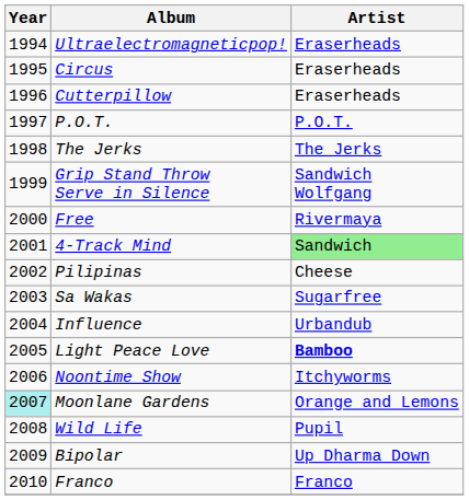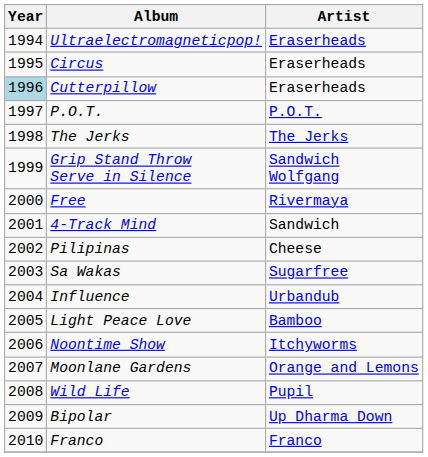 <table class="wikitable">
 <tr>
 <th>Year</th>
 <th>Album</th>
 <th>Artist</th>
 </tr>
 <tr>
 <td>1994</td>
 <td><em><a href='#'>Ultraelectromagneticpop!</a></em></td>
 <td><a href='#'>Eraserheads</a></td>
 </tr>
 <tr>
 <td>1995</td>
 <td><em><a href='#'>Circus</a></em></td>
 <td>Eraserheads</td>
 </tr>
 <tr>
-<td>1996</td>
+<td style="background: lightblue;">1996</td>
 <td><em><a href='#'>Cutterpillow</a></em></td>
 <td>Eraserheads</td>
 </tr>
 <tr>
 <td>1997</td>
 <td><em>P.O.T.</em></td>
 <td><a href='#'>P.O.T.</a></td>
 </tr>
 <tr>
 <td>1998</td>
 <td><em>The Jerks</em></td>
 <td><a href='#'>The Jerks</a></td>
 </tr>
 <tr>
 <td>1999</td>
 <td><em><a href='#'>Grip Stand Throw</a></em><br><em><a href='#'>Serve in Silence</a></em></td>
 <td><a href='#'>Sandwich</a><br><a href='#'>Wolfgang</a></td>
 </tr>
 <tr>
 <td>2000</td>
 <td><em><a href='#'>Free</a></em></td>
 <td><a href='#'>Rivermaya</a></td>
 </tr>
 <tr>
 <td>2001</td>
 <td><em><a href='#'>4-Track Mind</a></em></td>
-<td style="background: lightgreen;">Sandwich</td>
+<td>Sandwich</td>
 </tr>
 <tr>
 <td>2002</td>
 <td><em>Pilipinas</em></td>
 <td>Cheese</td>
 </tr>
 <tr>
 <td>2003</td>
 <td><em>Sa Wakas</em></td>
 <td><a href='#'>Sugarfree</a></td>
 </tr>
 <tr>
 <td>2004</td>
 <td><em>Influence</em></td>
 <td><a href='#'>Urbandub</a></td>
 </tr>
 <tr>
 <td>2005</td>
 <td><em>Light Peace Love</em></td>
-<td><strong><a href='#'>Bamboo</a></strong></td>
+<td><a href='#'>Bamboo</a></td>
 </tr>
 <tr>
 <td>2006</td>
 <td><em><a href='#'>Noontime Show</a></em></td>
 <td><a href='#'>Itchyworms</a></td>
 </tr>
 <tr>
-<td style="background: paleturquoise;">2007</td>
+<td>2007</td>
 <td><em>Moonlane Gardens</em></td>
 <td><a href='#'>Orange and Lemons</a></td>
 </tr>
 <tr>
 <td>2008</td>
 <td><em><a href='#'>Wild Life</a></em></td>
 <td><a href='#'>Pupil</a></td>
 </tr>
 <tr>
 <td>2009</td>
 <td><em>Bipolar</em></td>
 <td><a href='#'>Up Dharma Down</a></td>
 </tr>
 <tr>
 <td>2010</td>
 <td><em>Franco</em></td>
 <td><a href='#'>Franco</a></td>
 </tr>
 <tr>
 </tr>
 </table>
